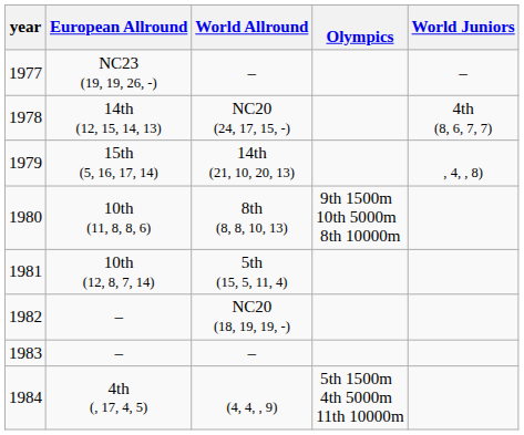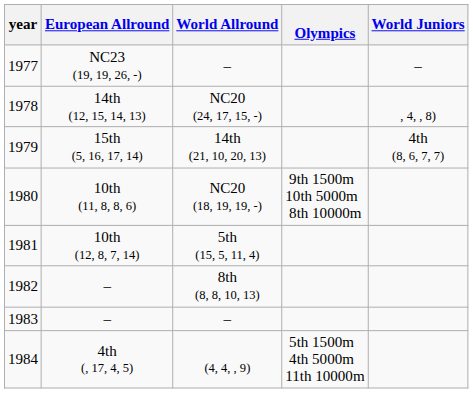 <table class="wikitable">
 <tr>
 <th>year</th>
 <th><a href='#'>European Allround</a></th>
 <th><a href='#'>World Allround</a></th>
 <th><br><a href='#'>Olympics</a></th>
 <th><a href='#'>World Juniors</a></th>
 </tr>
 <tr>
 <td>1977</td>
 <td align=center>NC23<br><small>(19, 19, 26, -)</small></td>
 <td align=center>–</td>
 <td></td>
 <td align=center>–</td>
 </tr>
 <tr>
 <td>1978</td>
 <td align=center>14th<br><small>(12, 15, 14, 13)</small></td>
 <td align=center>NC20<br><small>(24, 17, 15, -)</small></td>
 <td></td>
-<td align=center>4th<br><small>(8, 6, 7, 7)</small></td>
+<td align=center><br><small>, 4, , 8)</small></td>
 </tr>
 <tr>
 <td>1979</td>
 <td align=center>15th<br><small>(5, 16, 17, 14)</small></td>
 <td align=center>14th<br><small>(21, 10, 20, 13)</small></td>
 <td></td>
-<td align=center><br><small>, 4, , 8)</small></td>
+<td align=center>4th<br><small>(8, 6, 7, 7)</small></td>
 </tr>
 <tr>
 <td>1980</td>
 <td align=center>10th<br><small>(11, 8, 8, 6)</small></td>
-<td align=center>8th<br><small>(8, 8, 10, 13)</small></td>
+<td align=center>NC20<br><small>(18, 19, 19, -)</small></td>
 <td> 9th 1500m<br> 10th 5000m<br>  8th 10000m</td>
 <td></td>
 </tr>
 <tr>
 <td>1981</td>
 <td align=center>10th<br><small>(12, 8, 7, 14)</small></td>
 <td align=center>5th<br><small>(15, 5, 11, 4)</small></td>
 <td></td>
 <td></td>
 </tr>
 <tr>
 <td>1982</td>
 <td align=center>–</td>
-<td align=center>NC20<br><small>(18, 19, 19, -)</small></td>
+<td align=center>8th<br><small>(8, 8, 10, 13)</small></td>
 <td></td>
 <td></td>
 </tr>
 <tr>
 <td>1983</td>
 <td align=center>–</td>
 <td align=center>–</td>
 <td></td>
 <td></td>
 </tr>
 <tr>
 <td>1984</td>
 <td align=center>4th<br><small>(, 17, 4, 5)</small></td>
 <td align=center><br><small>(4, 4, , 9)</small></td>
 <td> 5th 1500m<br>  4th 5000m<br> 11th 10000m</td>
 </tr>
 </table>
